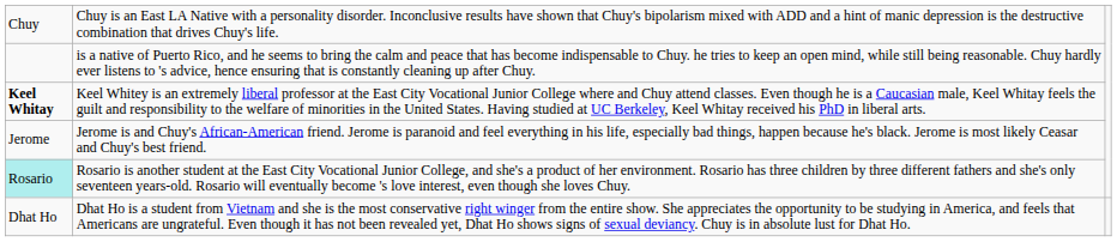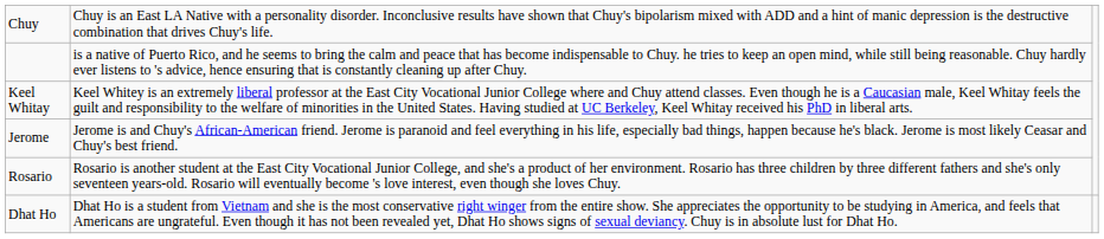 <table class="wikitable">
 <tr>
 <td>Chuy</td>
 <td>Chuy is an East LA Native with a personality disorder. Inconclusive results have shown that Chuy's bipolarism mixed with ADD and a hint of manic depression is the destructive combination that drives Chuy's life.</td>
 </tr>
 <tr>
 <td></td>
 <td> is a native of Puerto Rico, and he seems to bring the calm and peace that has become indispensable to Chuy. he tries to keep an open mind, while still being reasonable. Chuy hardly ever listens to 's advice, hence ensuring that  is constantly cleaning up after Chuy.</td>
 </tr>
 <tr>
-<td><strong>Keel Whitay</strong></td>
+<td>Keel Whitay</td>
 <td>Keel Whitey is an extremely <a href='#'>liberal</a> professor at the East City Vocational Junior College where  and Chuy attend classes. Even though he is a <a href='#'>Caucasian</a> male, Keel Whitay feels the guilt and responsibility to the welfare of minorities in the United States. Having studied at <a href='#'>UC Berkeley</a>, Keel Whitay received his <a href='#'>PhD</a> in liberal arts.</td>
 </tr>
 <tr>
 <td>Jerome</td>
 <td>Jerome is  and Chuy's <a href='#'>African-American</a> friend. Jerome is paranoid and feel everything in his life, especially bad things, happen because he's black. Jerome is most likely Ceasar and Chuy's best friend.</td>
 </tr>
 <tr>
-<td style="background: paleturquoise;">Rosario</td>
+<td>Rosario</td>
 <td>Rosario is another student at the East City Vocational Junior College, and she's a product of her environment. Rosario has three children by three different fathers and she's only seventeen years-old. Rosario will eventually become 's love interest, even though she loves Chuy.</td>
 </tr>
 <tr>
 <td>Dhat Ho</td>
 <td>Dhat Ho is a student from <a href='#'>Vietnam</a> and she is the most conservative <a href='#'>right winger</a> from the entire show. She appreciates the opportunity to be studying in America, and feels that Americans are ungrateful. Even though it has not been revealed yet, Dhat Ho shows signs of <a href='#'>sexual deviancy</a>. Chuy is in absolute lust for Dhat Ho.</td>
 <td></td>
 </tr>
 </table>
